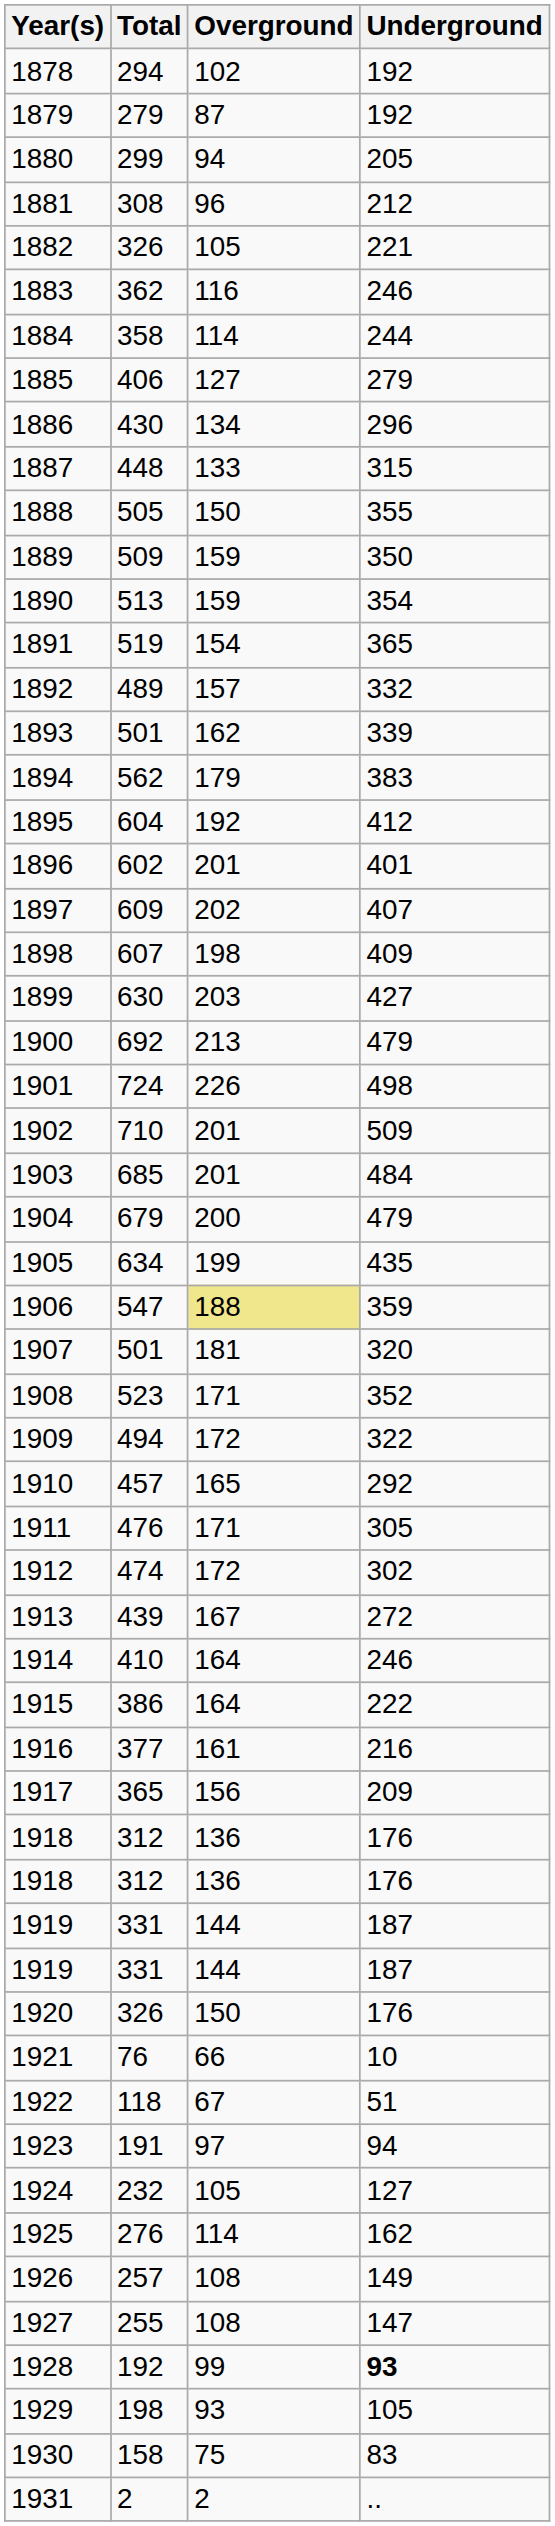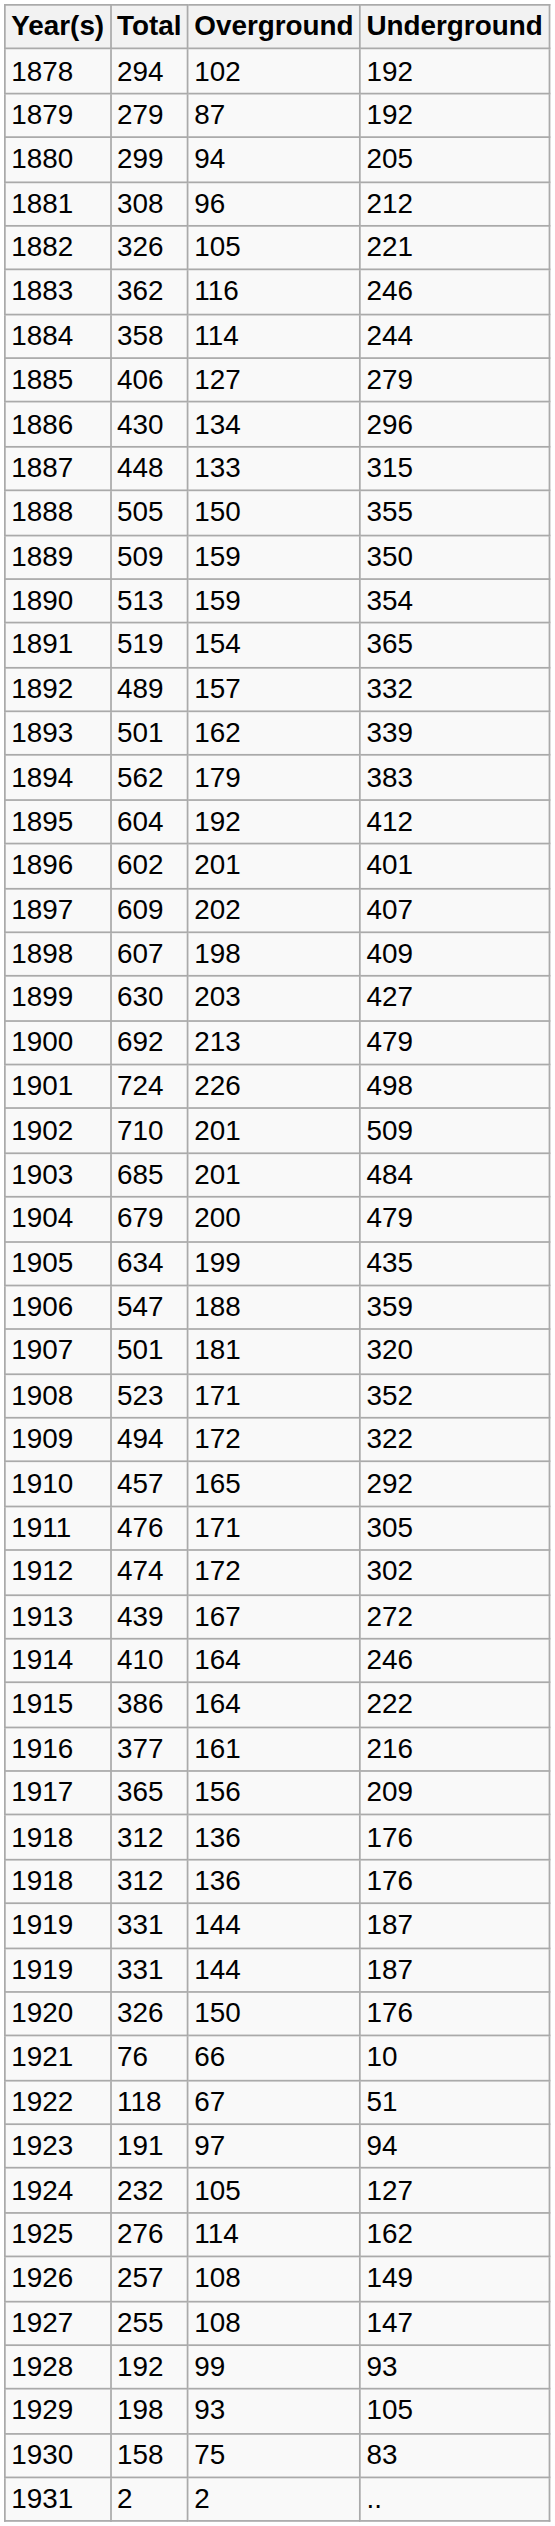 <table class="wikitable sortable mw-collapsible mw-collapsed">
 <tr>
 <th>Year(s)</th>
 <th>Total</th>
 <th>Overground</th>
 <th>Underground</th>
 </tr>
 <tr>
 <td>1878</td>
 <td>294</td>
 <td>102</td>
 <td>192</td>
 </tr>
 <tr>
 <td>1879</td>
 <td>279</td>
 <td>87</td>
 <td>192</td>
 </tr>
 <tr>
 <td>1880</td>
 <td>299</td>
 <td>94</td>
 <td>205</td>
 </tr>
 <tr>
 <td>1881</td>
 <td>308</td>
 <td>96</td>
 <td>212</td>
 </tr>
 <tr>
 <td>1882</td>
 <td>326</td>
 <td>105</td>
 <td>221</td>
 </tr>
 <tr>
 <td>1883</td>
 <td>362</td>
 <td>116</td>
 <td>246</td>
 </tr>
 <tr>
 <td>1884</td>
 <td>358</td>
 <td>114</td>
 <td>244</td>
 </tr>
 <tr>
 <td>1885</td>
 <td>406</td>
 <td>127</td>
 <td>279</td>
 </tr>
 <tr>
 <td>1886</td>
 <td>430</td>
 <td>134</td>
 <td>296</td>
 </tr>
 <tr>
 <td>1887</td>
 <td>448</td>
 <td>133</td>
 <td>315</td>
 </tr>
 <tr>
 <td>1888</td>
 <td>505</td>
 <td>150</td>
 <td>355</td>
 </tr>
 <tr>
 <td>1889</td>
 <td>509</td>
 <td>159</td>
 <td>350</td>
 </tr>
 <tr>
 <td>1890</td>
 <td>513</td>
 <td>159</td>
 <td>354</td>
 </tr>
 <tr>
 <td>1891</td>
 <td>519</td>
 <td>154</td>
 <td>365</td>
 </tr>
 <tr>
 <td>1892</td>
 <td>489</td>
 <td>157</td>
 <td>332</td>
 </tr>
 <tr>
 <td>1893</td>
 <td>501</td>
 <td>162</td>
 <td>339</td>
 </tr>
 <tr>
 <td>1894</td>
 <td>562</td>
 <td>179</td>
 <td>383</td>
 </tr>
 <tr>
 <td>1895</td>
 <td>604</td>
 <td>192</td>
 <td>412</td>
 </tr>
 <tr>
 <td>1896</td>
 <td>602</td>
 <td>201</td>
 <td>401</td>
 </tr>
 <tr>
 <td>1897</td>
 <td>609</td>
 <td>202</td>
 <td>407</td>
 </tr>
 <tr>
 <td>1898</td>
 <td>607</td>
 <td>198</td>
 <td>409</td>
 </tr>
 <tr>
 <td>1899</td>
 <td>630</td>
 <td>203</td>
 <td>427</td>
 </tr>
 <tr>
 <td>1900</td>
 <td>692</td>
 <td>213</td>
 <td>479</td>
 </tr>
 <tr>
 <td>1901</td>
 <td>724</td>
 <td>226</td>
 <td>498</td>
 </tr>
 <tr>
 <td>1902</td>
 <td>710</td>
 <td>201</td>
 <td>509</td>
 </tr>
 <tr>
 <td>1903</td>
 <td>685</td>
 <td>201</td>
 <td>484</td>
 </tr>
 <tr>
 <td>1904</td>
 <td>679</td>
 <td>200</td>
 <td>479</td>
 </tr>
 <tr>
 <td>1905</td>
 <td>634</td>
 <td>199</td>
 <td>435</td>
 </tr>
 <tr>
 <td>1906</td>
 <td>547</td>
-<td style="background: khaki;">188</td>
+<td>188</td>
 <td>359</td>
 </tr>
 <tr>
 <td>1907</td>
 <td>501</td>
 <td>181</td>
 <td>320</td>
 </tr>
 <tr>
 <td>1908</td>
 <td>523</td>
 <td>171</td>
 <td>352</td>
 </tr>
 <tr>
 <td>1909</td>
 <td>494</td>
 <td>172</td>
 <td>322</td>
 </tr>
 <tr>
 <td>1910</td>
 <td>457</td>
 <td>165</td>
 <td>292</td>
 </tr>
 <tr>
 <td>1911</td>
 <td>476</td>
 <td>171</td>
 <td>305</td>
 </tr>
 <tr>
 <td>1912</td>
 <td>474</td>
 <td>172</td>
 <td>302</td>
 </tr>
 <tr>
 <td>1913</td>
 <td>439</td>
 <td>167</td>
 <td>272</td>
 </tr>
 <tr>
 <td>1914</td>
 <td>410</td>
 <td>164</td>
 <td>246</td>
 </tr>
 <tr>
 <td>1915</td>
 <td>386</td>
 <td>164</td>
 <td>222</td>
 </tr>
 <tr>
 <td>1916</td>
 <td>377</td>
 <td>161</td>
 <td>216</td>
 </tr>
 <tr>
 <td>1917</td>
 <td>365</td>
 <td>156</td>
 <td>209</td>
 </tr>
 <tr>
 <td>1918</td>
 <td>312</td>
 <td>136</td>
 <td>176</td>
 </tr>
 <tr>
 <td>1918</td>
 <td>312</td>
 <td>136</td>
 <td>176</td>
 </tr>
 <tr>
 <td>1919</td>
 <td>331</td>
 <td>144</td>
 <td>187</td>
 </tr>
 <tr>
 <td>1919</td>
 <td>331</td>
 <td>144</td>
 <td>187</td>
 </tr>
 <tr>
 <td>1920</td>
 <td>326</td>
 <td>150</td>
 <td>176</td>
 </tr>
 <tr>
 <td>1921</td>
 <td>76</td>
 <td>66</td>
 <td>10</td>
 </tr>
 <tr>
 <td>1922</td>
 <td>118</td>
 <td>67</td>
 <td>51</td>
 </tr>
 <tr>
 <td>1923</td>
 <td>191</td>
 <td>97</td>
 <td>94</td>
 </tr>
 <tr>
 <td>1924</td>
 <td>232</td>
 <td>105</td>
 <td>127</td>
 </tr>
 <tr>
 <td>1925</td>
 <td>276</td>
 <td>114</td>
 <td>162</td>
 </tr>
 <tr>
 <td>1926</td>
 <td>257</td>
 <td>108</td>
 <td>149</td>
 </tr>
 <tr>
 <td>1927</td>
 <td>255</td>
 <td>108</td>
 <td>147</td>
 </tr>
 <tr>
 <td>1928</td>
 <td>192</td>
 <td>99</td>
-<td><strong>93</strong></td>
+<td>93</td>
 </tr>
 <tr>
 <td>1929</td>
 <td>198</td>
 <td>93</td>
 <td>105</td>
 </tr>
 <tr>
 <td>1930</td>
 <td>158</td>
 <td>75</td>
 <td>83</td>
 </tr>
 <tr>
 <td>1931</td>
 <td>2</td>
 <td>2</td>
 <td>..</td>
 </tr>
 </table>
